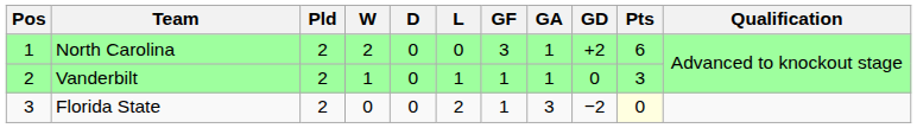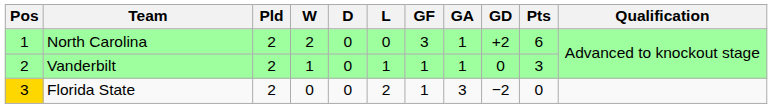 <table class="wikitable" style="text-align:center; margin: 1em auto">
 <tr>
 <th style="width:2em">Pos</th>
 <th style="width:13em">Team</th>
 <th style="width:2em">Pld</th>
 <th style="width:2em">W</th>
 <th style="width:2em">D</th>
 <th style="width:2em">L</th>
 <th style="width:2em">GF</th>
 <th style="width:2em">GA</th>
 <th style="width:2em">GD</th>
 <th style="width:2em">Pts</th>
 <th style="width:13em">Qualification</th>
 </tr>
 <tr bgcolor="#9eff9e">
 <td>1</td>
 <td style="text-align:left">North Carolina</td>
 <td>2</td>
 <td>2</td>
 <td>0</td>
 <td>0</td>
 <td>3</td>
 <td>1</td>
 <td>+2</td>
 <td>6</td>
 <td rowspan="2">Advanced to knockout stage</td>
 </tr>
 <tr bgcolor="#9eff9e">
 <td>2</td>
 <td style="text-align:left">Vanderbilt</td>
 <td>2</td>
 <td>1</td>
 <td>0</td>
 <td>1</td>
 <td>1</td>
 <td>1</td>
 <td>0</td>
 <td>3</td>
 </tr>
 <tr>
-<td>3</td>
+<td style="background: gold;">3</td>
 <td style="text-align:left">Florida State</td>
 <td>2</td>
 <td>0</td>
 <td>0</td>
 <td>2</td>
 <td>1</td>
 <td>3</td>
 <td>−2</td>
-<td style="background: lightyellow;">0</td>
+<td>0</td>
 <td></td>
 </tr>
 </table>
